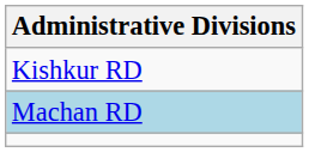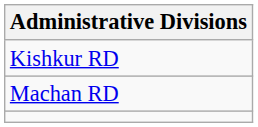 <table class="wikitable">
 <tr>
 <th>Administrative Divisions</th>
 </tr>
 <tr>
 <td><a href='#'>Kishkur RD</a></td>
 </tr>
 <tr>
-<td style="background: lightblue;"><a href='#'>Machan RD</a></td>
+<td><a href='#'>Machan RD</a></td>
 </tr>
 <tr>
 <td colspan=1></td>
 </tr>
 </table>
